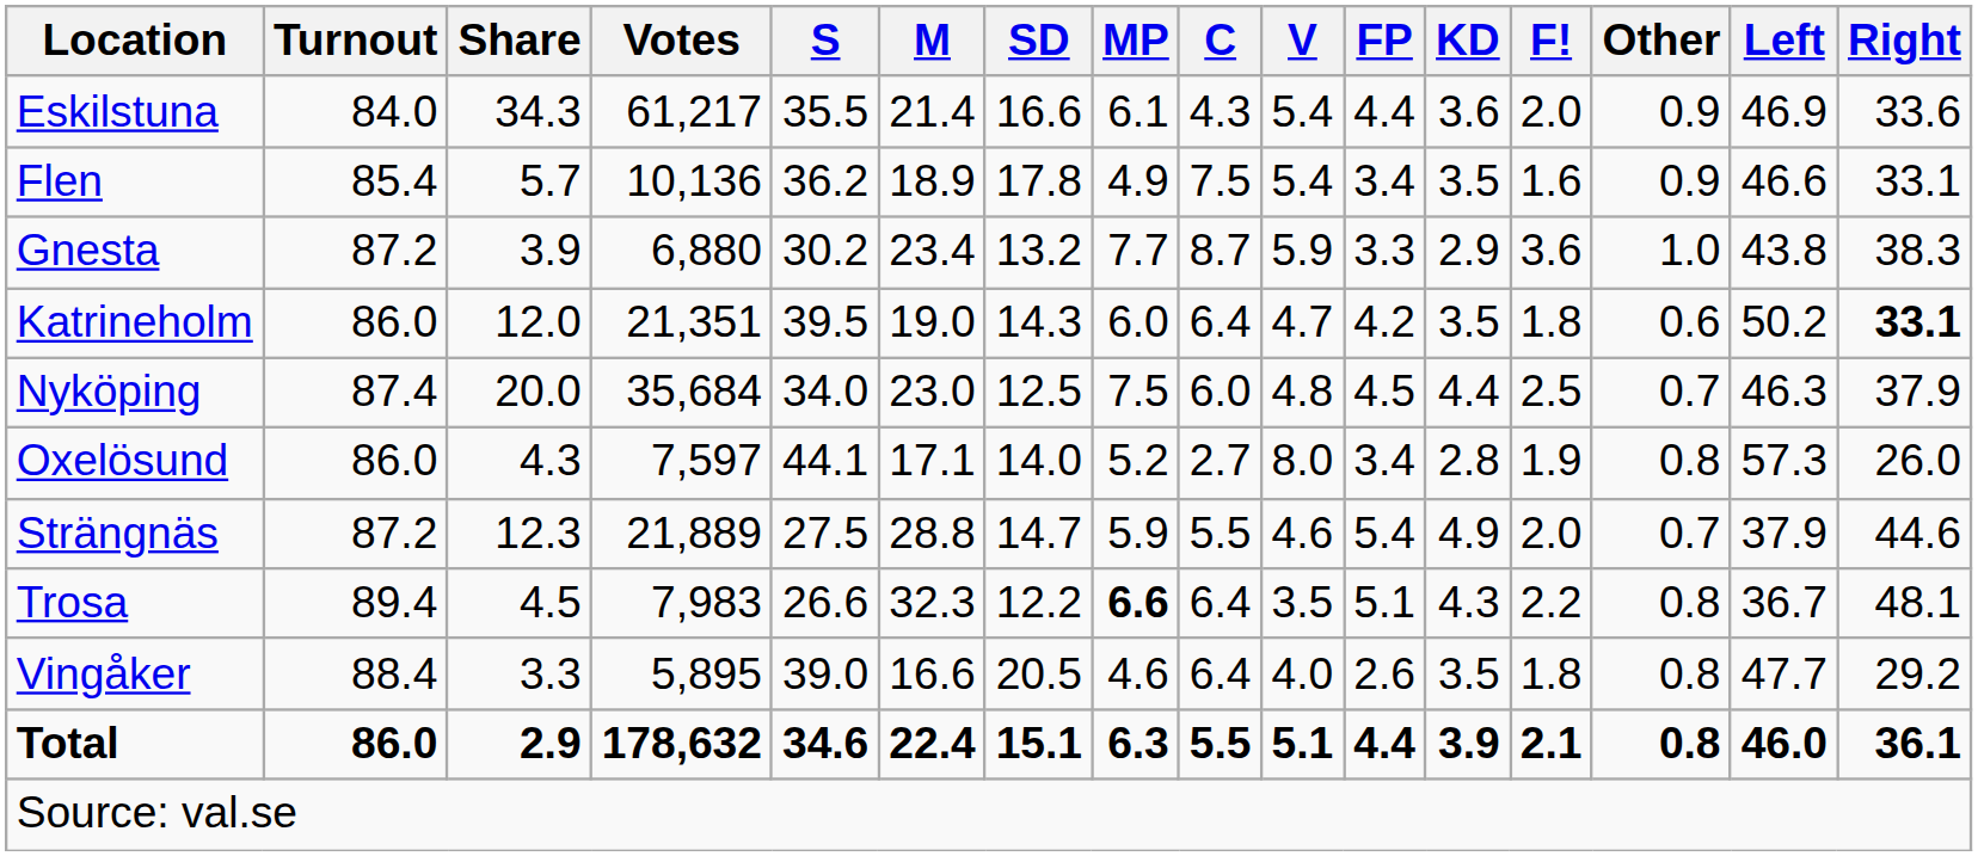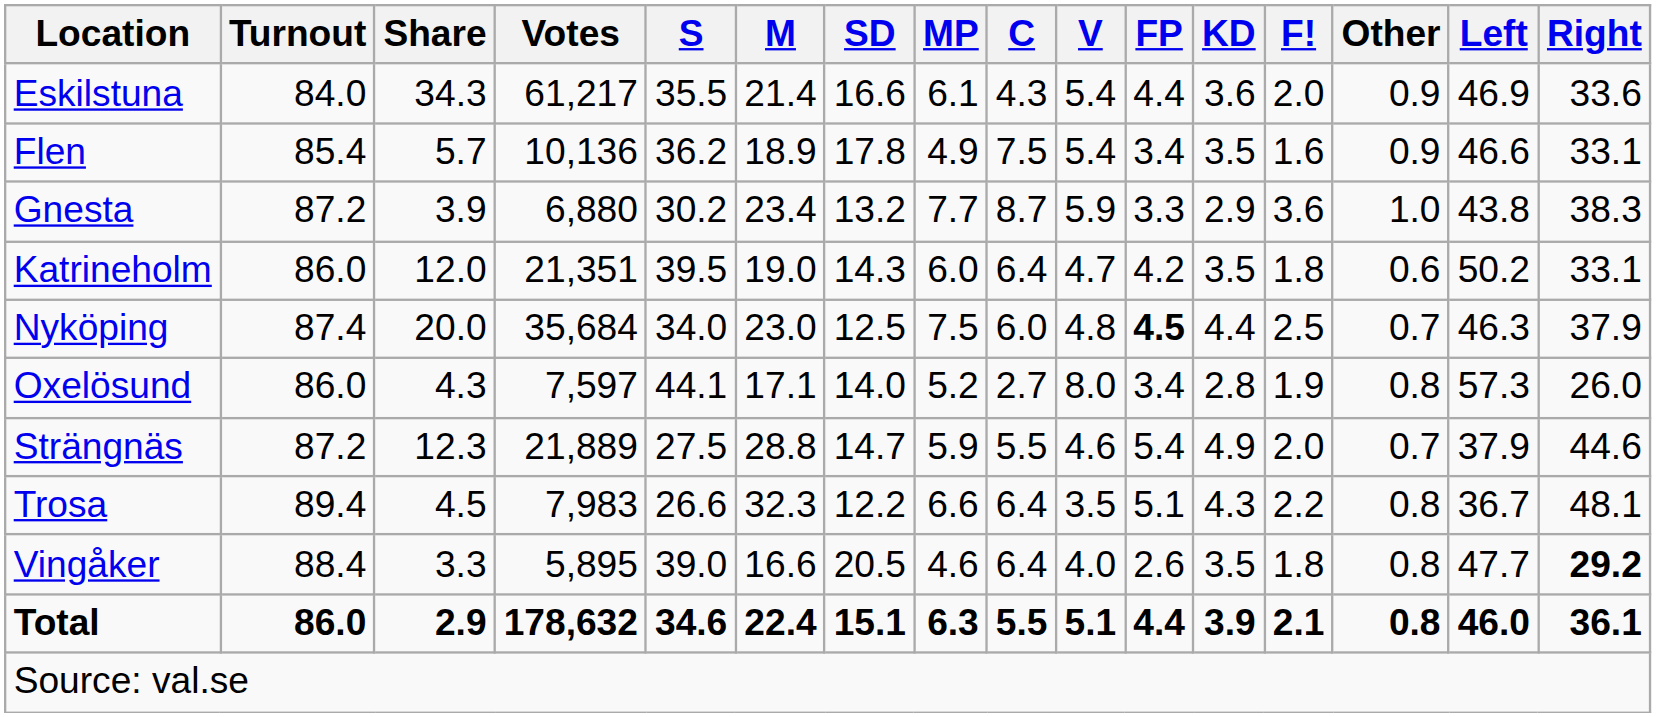 <table class="wikitable sortable" style=text-align:right>
 <tr>
 <th>Location</th>
 <th>Turnout</th>
 <th>Share</th>
 <th>Votes</th>
 <th><a href='#'>S</a></th>
 <th><a href='#'>M</a></th>
 <th><a href='#'>SD</a></th>
 <th><a href='#'>MP</a></th>
 <th><a href='#'>C</a></th>
 <th><a href='#'>V</a></th>
 <th><a href='#'>FP</a></th>
 <th><a href='#'>KD</a></th>
 <th><a href='#'>F!</a></th>
 <th>Other</th>
 <th><a href='#'>Left</a></th>
 <th><a href='#'>Right</a></th>
 </tr>
 <tr>
 <td align=left><a href='#'>Eskilstuna</a></td>
 <td>84.0</td>
 <td>34.3</td>
 <td>61,217</td>
 <td>35.5</td>
 <td>21.4</td>
 <td>16.6</td>
 <td>6.1</td>
 <td>4.3</td>
 <td>5.4</td>
 <td>4.4</td>
 <td>3.6</td>
 <td>2.0</td>
 <td>0.9</td>
 <td>46.9</td>
 <td>33.6</td>
 </tr>
 <tr>
 <td align=left><a href='#'>Flen</a></td>
 <td>85.4</td>
 <td>5.7</td>
 <td>10,136</td>
 <td>36.2</td>
 <td>18.9</td>
 <td>17.8</td>
 <td>4.9</td>
 <td>7.5</td>
 <td>5.4</td>
 <td>3.4</td>
 <td>3.5</td>
 <td>1.6</td>
 <td>0.9</td>
 <td>46.6</td>
 <td>33.1</td>
 </tr>
 <tr>
 <td align=left><a href='#'>Gnesta</a></td>
 <td>87.2</td>
 <td>3.9</td>
 <td>6,880</td>
 <td>30.2</td>
 <td>23.4</td>
 <td>13.2</td>
 <td>7.7</td>
 <td>8.7</td>
 <td>5.9</td>
 <td>3.3</td>
 <td>2.9</td>
 <td>3.6</td>
 <td>1.0</td>
 <td>43.8</td>
 <td>38.3</td>
 </tr>
 <tr>
 <td align=left><a href='#'>Katrineholm</a></td>
 <td>86.0</td>
 <td>12.0</td>
 <td>21,351</td>
 <td>39.5</td>
 <td>19.0</td>
 <td>14.3</td>
 <td>6.0</td>
 <td>6.4</td>
 <td>4.7</td>
 <td>4.2</td>
 <td>3.5</td>
 <td>1.8</td>
 <td>0.6</td>
 <td>50.2</td>
-<td><strong>33.1</strong></td>
+<td>33.1</td>
 </tr>
 <tr>
 <td align=left><a href='#'>Nyköping</a></td>
 <td>87.4</td>
 <td>20.0</td>
 <td>35,684</td>
 <td>34.0</td>
 <td>23.0</td>
 <td>12.5</td>
 <td>7.5</td>
 <td>6.0</td>
 <td>4.8</td>
-<td>4.5</td>
+<td><strong>4.5</strong></td>
 <td>4.4</td>
 <td>2.5</td>
 <td>0.7</td>
 <td>46.3</td>
 <td>37.9</td>
 </tr>
 <tr>
 <td align=left><a href='#'>Oxelösund</a></td>
 <td>86.0</td>
 <td>4.3</td>
 <td>7,597</td>
 <td>44.1</td>
 <td>17.1</td>
 <td>14.0</td>
 <td>5.2</td>
 <td>2.7</td>
 <td>8.0</td>
 <td>3.4</td>
 <td>2.8</td>
 <td>1.9</td>
 <td>0.8</td>
 <td>57.3</td>
 <td>26.0</td>
 </tr>
 <tr>
 <td align=left><a href='#'>Strängnäs</a></td>
 <td>87.2</td>
 <td>12.3</td>
 <td>21,889</td>
 <td>27.5</td>
 <td>28.8</td>
 <td>14.7</td>
 <td>5.9</td>
 <td>5.5</td>
 <td>4.6</td>
 <td>5.4</td>
 <td>4.9</td>
 <td>2.0</td>
 <td>0.7</td>
 <td>37.9</td>
 <td>44.6</td>
 </tr>
 <tr>
 <td align=left><a href='#'>Trosa</a></td>
 <td>89.4</td>
 <td>4.5</td>
 <td>7,983</td>
 <td>26.6</td>
 <td>32.3</td>
 <td>12.2</td>
-<td><strong>6.6</strong></td>
+<td>6.6</td>
 <td>6.4</td>
 <td>3.5</td>
 <td>5.1</td>
 <td>4.3</td>
 <td>2.2</td>
 <td>0.8</td>
 <td>36.7</td>
 <td>48.1</td>
 </tr>
 <tr>
 <td align=left><a href='#'>Vingåker</a></td>
 <td>88.4</td>
 <td>3.3</td>
 <td>5,895</td>
 <td>39.0</td>
 <td>16.6</td>
 <td>20.5</td>
 <td>4.6</td>
 <td>6.4</td>
 <td>4.0</td>
 <td>2.6</td>
 <td>3.5</td>
 <td>1.8</td>
 <td>0.8</td>
 <td>47.7</td>
-<td>29.2</td>
+<td><strong>29.2</strong></td>
 </tr>
 <tr>
 <td align=left><strong>Total</strong></td>
 <td><strong>86.0</strong></td>
 <td><strong>2.9</strong></td>
 <td><strong>178,632</strong></td>
 <td><strong>34.6</strong></td>
 <td><strong>22.4</strong></td>
 <td><strong>15.1</strong></td>
 <td><strong>6.3</strong></td>
 <td><strong>5.5</strong></td>
 <td><strong>5.1</strong></td>
 <td><strong>4.4</strong></td>
 <td><strong>3.9</strong></td>
 <td><strong>2.1</strong></td>
 <td><strong>0.8</strong></td>
 <td><strong>46.0</strong></td>
 <td><strong>36.1</strong></td>
 </tr>
 <tr>
 <td align=left colspan=16>Source: val.se </td>
 </tr>
 </table>
